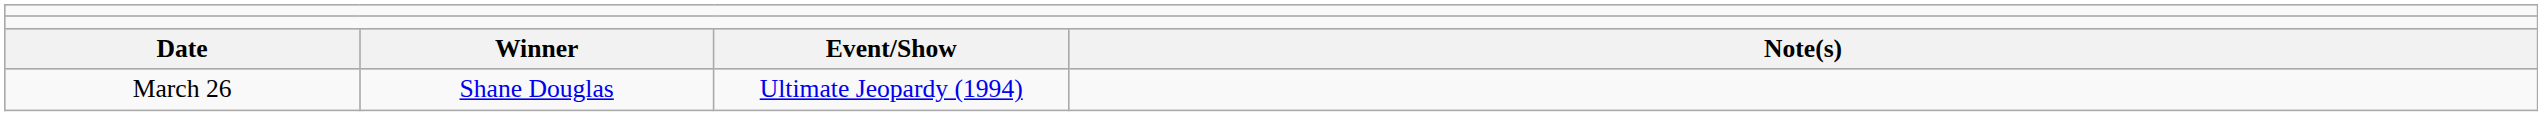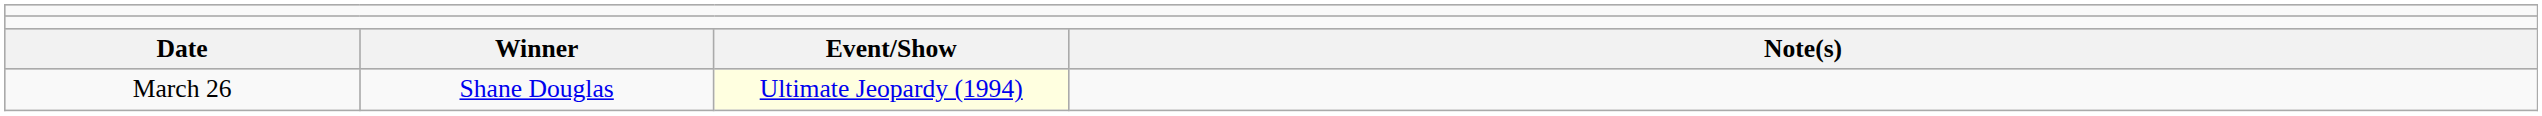 <table class="wikitable" style="text-align:center; width:100%;">
 <tr>
 <td colspan="5"></td>
 </tr>
 <tr>
 <td colspan="5"><strong></strong></td>
 </tr>
 <tr>
 <th width=14%>Date</th>
 <th width=14%>Winner</th>
 <th width=14%>Event/Show</th>
 <th width=58%>Note(s)</th>
 </tr>
 <tr>
 <td>March 26</td>
 <td><a href='#'>Shane Douglas</a></td>
-<td><a href='#'>Ultimate Jeopardy (1994)</a></td>
+<td style="background: lightyellow;"><a href='#'>Ultimate Jeopardy (1994)</a></td>
 <td align=left></td>
 </tr>
 </table>
